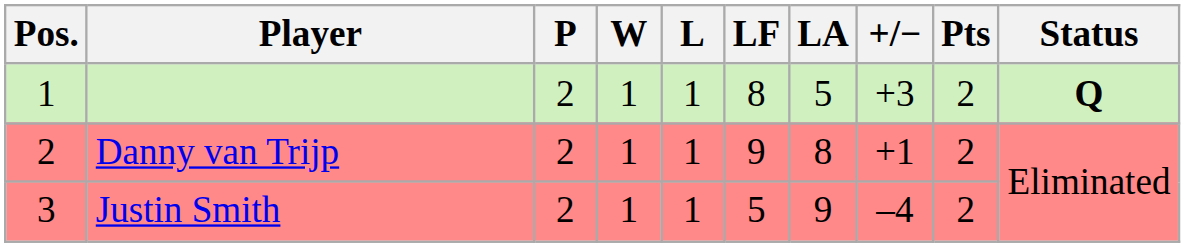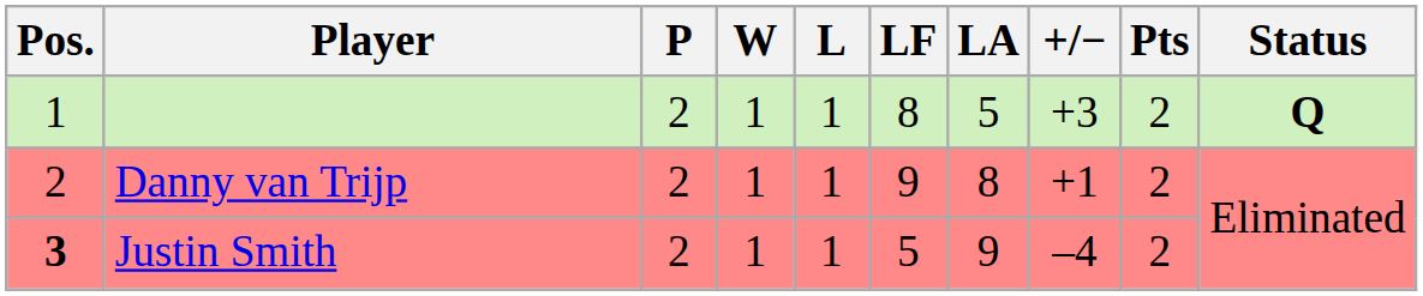 <table class="wikitable" style="text-align:center; margin: 1em auto 1em auto, align:left">
 <tr>
 <th width=20>Pos.</th>
 <th width=185>Player</th>
 <th width=20>P</th>
 <th width=20>W</th>
 <th width=20>L</th>
 <th width=20>LF</th>
 <th width=20>LA</th>
 <th width=25>+/−</th>
 <th width=20>Pts</th>
 <th width=70>Status</th>
 </tr>
 <tr style="background:#D0F0C0;">
 <td>1</td>
 <td align=left></td>
 <td>2</td>
 <td>1</td>
 <td>1</td>
 <td>8</td>
 <td>5</td>
 <td>+3</td>
 <td>2</td>
 <td><strong>Q</strong></td>
 </tr>
 <tr style="background:#FF8888;">
 <td>2</td>
 <td align=left> <a href='#'>Danny van Trijp</a></td>
 <td>2</td>
 <td>1</td>
 <td>1</td>
 <td>9</td>
 <td>8</td>
 <td>+1</td>
 <td>2</td>
 <td rowspan=2>Eliminated</td>
 </tr>
 <tr style="background:#FF8888;">
-<td>3</td>
+<td><strong>3</strong></td>
 <td align=left> <a href='#'>Justin Smith</a></td>
 <td>2</td>
 <td>1</td>
 <td>1</td>
 <td>5</td>
 <td>9</td>
 <td>–4</td>
 <td>2</td>
 </tr>
 </table>
